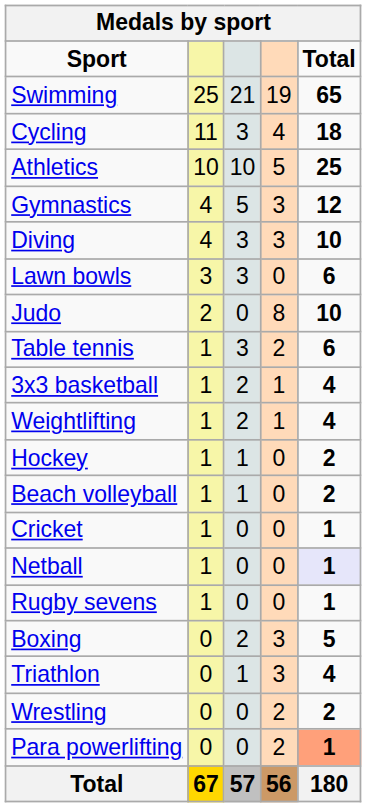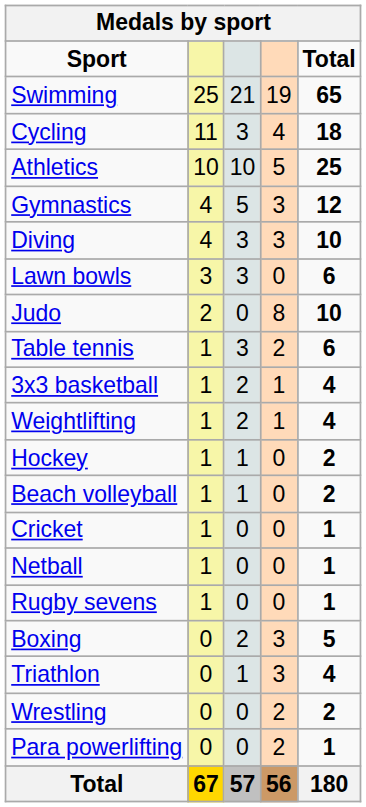 <table class="wikitable" style="font-size:85%;float:right;text-align:center">
 <tr bgcolor=EFEFEF>
 <th colspan=5>Medals by sport</th>
 </tr>
 <tr>
 <td><strong>Sport</strong></td>
 <td bgcolor=F7F6A8></td>
 <td bgcolor=DCE5E5></td>
 <td bgcolor=FFDAB9></td>
 <td><strong>Total</strong></td>
 </tr>
 <tr>
 <td align=left><a href='#'>Swimming</a></td>
 <td bgcolor=F7F6A8>25</td>
 <td bgcolor=DCE5E5>21</td>
 <td bgcolor=FFDAB9>19</td>
 <td><strong>65</strong></td>
 </tr>
 <tr>
 <td align=left><a href='#'>Cycling</a></td>
 <td bgcolor=F7F6A8>11</td>
 <td bgcolor=DCE5E5>3</td>
 <td bgcolor=FFDAB9>4</td>
 <td><strong>18</strong></td>
 </tr>
 <tr>
 <td align=left><a href='#'>Athletics</a></td>
 <td bgcolor=F7F6A8>10</td>
 <td bgcolor=DCE5E5>10</td>
 <td bgcolor=FFDAB9>5</td>
 <td><strong>25</strong></td>
 </tr>
 <tr>
 <td align=left><a href='#'>Gymnastics</a></td>
 <td bgcolor=F7F6A8>4</td>
 <td bgcolor=DCE5E5>5</td>
 <td bgcolor=FFDAB9>3</td>
 <td><strong>12</strong></td>
 </tr>
 <tr>
 <td align=left><a href='#'>Diving</a></td>
 <td bgcolor=F7F6A8>4</td>
 <td bgcolor=DCE5E5>3</td>
 <td bgcolor=FFDAB9>3</td>
 <td><strong>10</strong></td>
 </tr>
 <tr>
 <td align=left><a href='#'>Lawn bowls</a></td>
 <td bgcolor=F7F6A8>3</td>
 <td bgcolor=DCE5E5>3</td>
 <td bgcolor=FFDAB9>0</td>
 <td><strong>6</strong></td>
 </tr>
 <tr>
 <td align=left><a href='#'>Judo</a></td>
 <td bgcolor=F7F6A8>2</td>
 <td bgcolor=DCE5E5>0</td>
 <td bgcolor=FFDAB9>8</td>
 <td><strong>10</strong></td>
 </tr>
 <tr>
 <td align=left><a href='#'>Table tennis</a></td>
 <td bgcolor=F7F6A8>1</td>
 <td bgcolor=DCE5E5>3</td>
 <td bgcolor=FFDAB9>2</td>
 <td><strong>6</strong></td>
 </tr>
 <tr>
 <td align=left><a href='#'>3x3 basketball</a></td>
 <td bgcolor=F7F6A8>1</td>
 <td bgcolor=DCE5E5>2</td>
 <td bgcolor=FFDAB9>1</td>
 <td><strong>4</strong></td>
 </tr>
 <tr>
 <td align=left><a href='#'>Weightlifting</a></td>
 <td bgcolor=F7F6A8>1</td>
 <td bgcolor=DCE5E5>2</td>
 <td bgcolor=FFDAB9>1</td>
 <td><strong>4</strong></td>
 </tr>
 <tr>
 <td align=left><a href='#'>Hockey</a></td>
 <td bgcolor=F7F6A8>1</td>
 <td bgcolor=DCE5E5>1</td>
 <td bgcolor=FFDAB9>0</td>
 <td><strong>2</strong></td>
 </tr>
 <tr>
 <td align=left><a href='#'>Beach volleyball</a></td>
 <td bgcolor=F7F6A8>1</td>
 <td bgcolor=DCE5E5>1</td>
 <td bgcolor=FFDAB9>0</td>
 <td><strong>2</strong></td>
 </tr>
 <tr>
 <td align=left><a href='#'>Cricket</a></td>
 <td bgcolor=F7F6A8>1</td>
 <td bgcolor=DCE5E5>0</td>
 <td bgcolor=FFDAB9>0</td>
 <td><strong>1</strong></td>
 </tr>
 <tr>
 <td align=left><a href='#'>Netball</a></td>
 <td bgcolor=F7F6A8>1</td>
 <td bgcolor=DCE5E5>0</td>
 <td bgcolor=FFDAB9>0</td>
-<td style="background: lavender;"><strong>1</strong></td>
+<td><strong>1</strong></td>
 </tr>
 <tr>
 <td align=left><a href='#'>Rugby sevens</a></td>
 <td bgcolor=F7F6A8>1</td>
 <td bgcolor=DCE5E5>0</td>
 <td bgcolor=FFDAB9>0</td>
 <td><strong>1</strong></td>
 </tr>
 <tr>
 <td align=left><a href='#'>Boxing</a></td>
 <td bgcolor=F7F6A8>0</td>
 <td bgcolor=DCE5E5>2</td>
 <td bgcolor=FFDAB9>3</td>
 <td><strong>5</strong></td>
 </tr>
 <tr>
 <td align=left><a href='#'>Triathlon</a></td>
 <td bgcolor=F7F6A8>0</td>
 <td bgcolor=DCE5E5>1</td>
 <td bgcolor=FFDAB9>3</td>
 <td><strong>4</strong></td>
 </tr>
 <tr>
 <td align=left><a href='#'>Wrestling</a></td>
 <td bgcolor=F7F6A8>0</td>
 <td bgcolor=DCE5E5>0</td>
 <td bgcolor=FFDAB9>2</td>
 <td><strong>2</strong></td>
 </tr>
 <tr>
 <td align=left><a href='#'>Para powerlifting</a></td>
 <td bgcolor=F7F6A8>0</td>
 <td bgcolor=DCE5E5>0</td>
 <td bgcolor=FFDAB9>2</td>
-<td style="background: lightsalmon;"><strong>1</strong></td>
+<td><strong>1</strong></td>
 </tr>
 <tr>
 <th>Total</th>
 <th style="background:gold;">67</th>
 <th style="background:silver;">57</th>
 <th style="background:#c96;">56</th>
 <th>180</th>
 </tr>
 </table>
